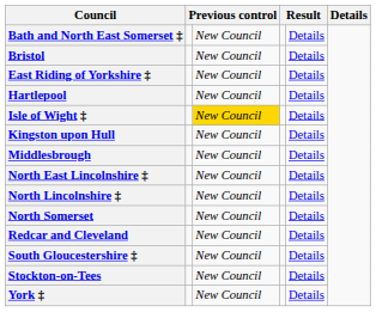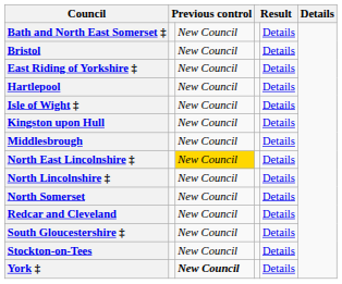 <table class="wikitable sortable" border="1">
 <tr>
 <th scope="col">Council</th>
 <th colspan=2>Previous control</th>
 <th colspan=2>Result</th>
 <th class="unsortable" scope="col">Details</th>
 </tr>
 <tr>
 <th scope="row" style="text-align: left;"><a href='#'>Bath and North East Somerset</a> ‡</th>
 <td></td>
 <td><em>New Council</em></td>
 <td></td>
 <td><a href='#'>Details</a></td>
 </tr>
 <tr>
 <th scope="row" style="text-align: left;"><a href='#'>Bristol</a></th>
 <td></td>
 <td><em>New Council</em></td>
 <td></td>
 <td><a href='#'>Details</a></td>
 </tr>
 <tr>
 <th scope="row" style="text-align: left;"><a href='#'>East Riding of Yorkshire</a> ‡</th>
 <td></td>
 <td><em>New Council</em></td>
 <td></td>
 <td><a href='#'>Details</a></td>
 </tr>
 <tr>
 <th scope="row" style="text-align: left;"><a href='#'>Hartlepool</a></th>
 <td></td>
 <td><em>New Council</em></td>
 <td></td>
 <td><a href='#'>Details</a></td>
 </tr>
 <tr>
 <th scope="row" style="text-align: left;"><a href='#'>Isle of Wight</a> ‡</th>
 <td></td>
-<td style="background: gold;"><em>New Council</em></td>
+<td><em>New Council</em></td>
 <td></td>
 <td><a href='#'>Details</a></td>
 </tr>
 <tr>
 <th scope="row" style="text-align: left;"><a href='#'>Kingston upon Hull</a></th>
 <td></td>
 <td><em>New Council</em></td>
 <td></td>
 <td><a href='#'>Details</a></td>
 </tr>
 <tr>
 <th scope="row" style="text-align: left;"><a href='#'>Middlesbrough</a></th>
 <td></td>
 <td><em>New Council</em></td>
 <td></td>
 <td><a href='#'>Details</a></td>
 </tr>
 <tr>
 <th scope="row" style="text-align: left;"><a href='#'>North East Lincolnshire</a> ‡</th>
 <td></td>
-<td><em>New Council</em></td>
+<td style="background: gold;"><em>New Council</em></td>
 <td></td>
 <td><a href='#'>Details</a></td>
 </tr>
 <tr>
 <th scope="row" style="text-align: left;"><a href='#'>North Lincolnshire</a> ‡</th>
 <td></td>
 <td><em>New Council</em></td>
 <td></td>
 <td><a href='#'>Details</a></td>
 </tr>
 <tr>
 <th scope="row" style="text-align: left;"><a href='#'>North Somerset</a></th>
 <td></td>
 <td><em>New Council</em></td>
 <td></td>
 <td><a href='#'>Details</a></td>
 </tr>
 <tr>
 <th scope="row" style="text-align: left;"><a href='#'>Redcar and Cleveland</a></th>
 <td></td>
 <td><em>New Council</em></td>
 <td></td>
 <td><a href='#'>Details</a></td>
 </tr>
 <tr>
 <th scope="row" style="text-align: left;"><a href='#'>South Gloucestershire</a> ‡</th>
 <td></td>
 <td><em>New Council</em></td>
 <td></td>
 <td><a href='#'>Details</a></td>
 </tr>
 <tr>
 <th scope="row" style="text-align: left;"><a href='#'>Stockton-on-Tees</a></th>
 <td></td>
 <td><em>New Council</em></td>
 <td></td>
 <td><a href='#'>Details</a></td>
 </tr>
 <tr>
 <th scope="row" style="text-align: left;"><a href='#'>York</a> ‡</th>
 <td></td>
-<td><em>New Council</em></td>
+<td><strong><em>New Council</em></strong></td>
 <td></td>
 <td><a href='#'>Details</a></td>
 </tr>
 </table>
